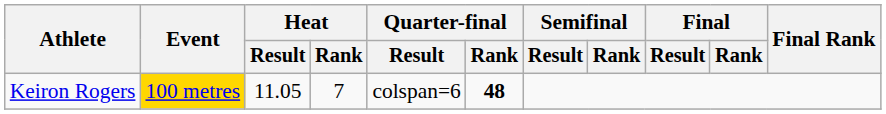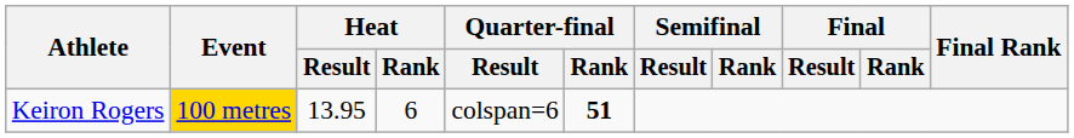 <table class="wikitable" style="font-size:90%">
 <tr>
 <th rowspan="2">Athlete</th>
 <th rowspan="2">Event</th>
 <th colspan="2">Heat</th>
 <th colspan="2">Quarter-final</th>
 <th colspan="2">Semifinal</th>
 <th colspan="2">Final</th>
 <th colspan="2" rowspan="2">Final Rank</th>
 </tr>
 <tr style="font-size:95%">
 <th>Result</th>
 <th>Rank</th>
 <th>Result</th>
 <th>Rank</th>
 <th>Result</th>
 <th>Rank</th>
 <th>Result</th>
 <th>Rank</th>
 </tr>
 <tr align=center>
 <td align=left><a href='#'>Keiron Rogers</a></td>
 <td align=left style="background: gold;"><a href='#'>100 metres</a></td>
-<td>11.05</td>
-<td>7</td>
+<td>13.95</td>
+<td>6</td>
 <td>colspan=6 </td>
-<td><strong>48</strong></td>
+<td><strong>51</strong></td>
 </tr>
 </table>
